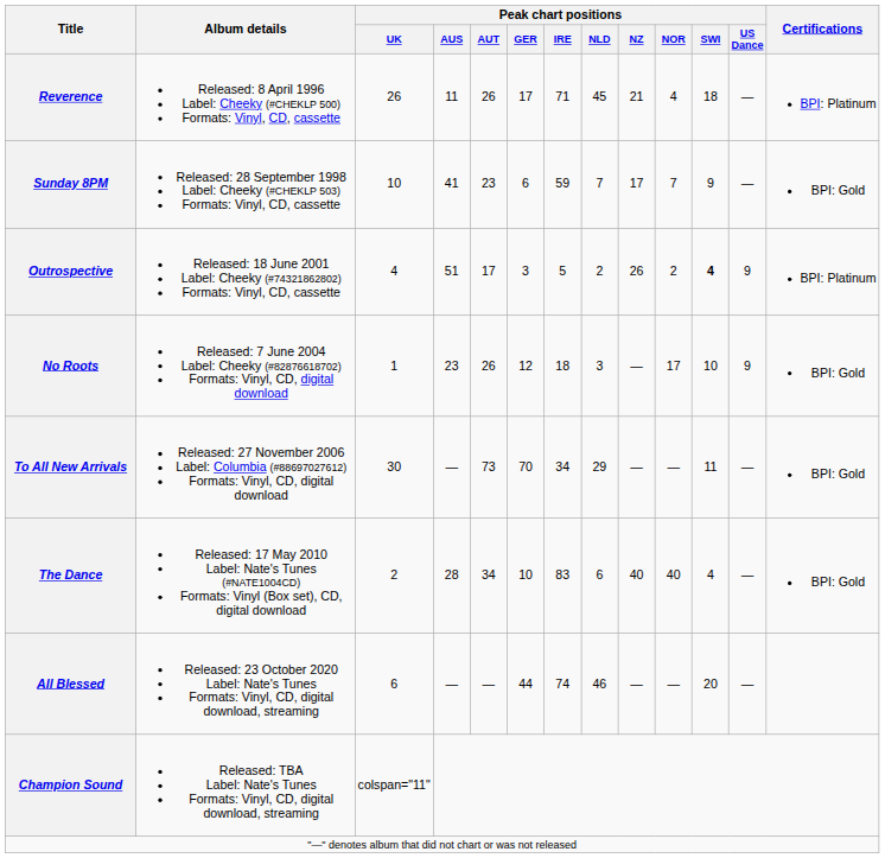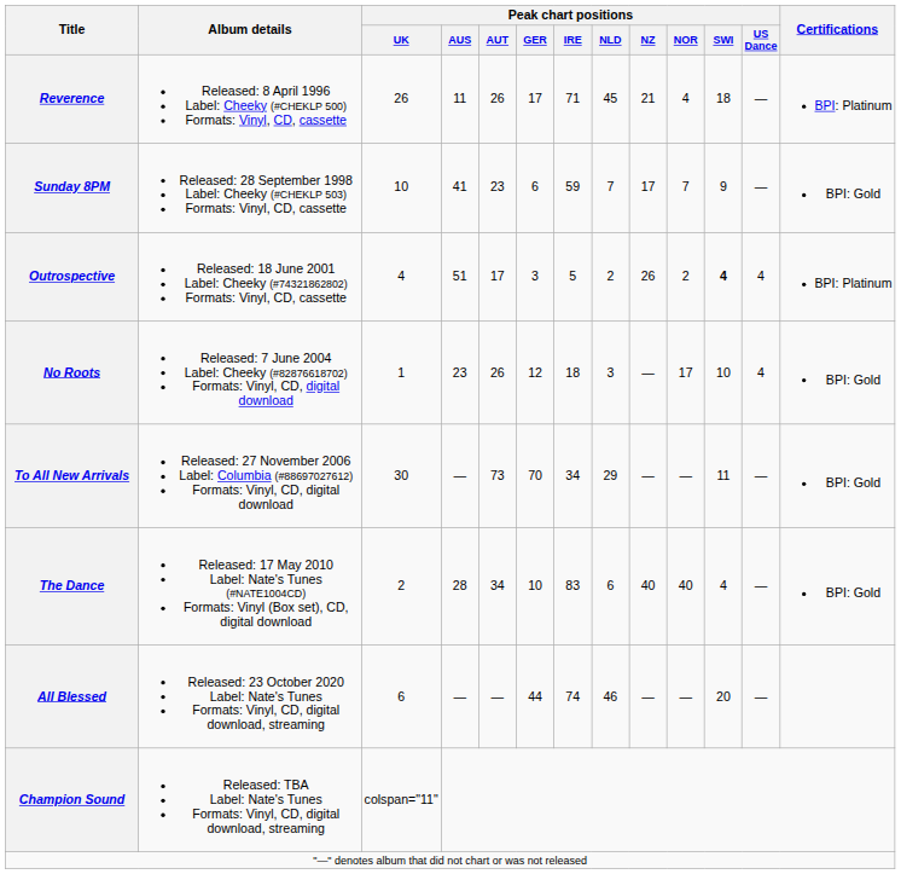 <table class="wikitable plainrowheaders" style="text-align:center;">
 <tr>
 <th scope="col" rowspan="2" style="width:10em;">Title</th>
 <th scope="col" rowspan="2" style="width:17em;">Album details</th>
 <th scope="col" colspan="10">Peak chart positions</th>
 <th scope="col" rowspan="2"><a href='#'>Certifications</a></th>
 </tr>
 <tr>
 <th scope="col" style="width:3em;font-size:85%;"><a href='#'>UK</a><br></th>
 <th scope="col" style="width:3em;font-size:85%;"><a href='#'>AUS</a><br></th>
 <th scope="col" style="width:3em;font-size:85%;"><a href='#'>AUT</a><br></th>
 <th scope="col" style="width:3em;font-size:85%;"><a href='#'>GER</a><br></th>
 <th scope="col" style="width:3em;font-size:85%;"><a href='#'>IRE</a><br></th>
 <th scope="col" style="width:3em;font-size:85%;"><a href='#'>NLD</a><br></th>
 <th scope="col" style="width:3em;font-size:85%;"><a href='#'>NZ</a><br></th>
 <th scope="col" style="width:3em;font-size:85%;"><a href='#'>NOR</a><br></th>
 <th scope="col" style="width:3em;font-size:85%;"><a href='#'>SWI</a><br></th>
 <th scope="col" style="width:3em;font-size:85%;"><a href='#'>US Dance</a><br></th>
 </tr>
 <tr>
 <th scope="row"><em><a href='#'>Reverence</a></em></th>
 <td><br><ul><li>Released: 8 April 1996</li><li>Label: <a href='#'>Cheeky</a> <small>(#CHEKLP 500)</small></li><li>Formats: <a href='#'>Vinyl</a>, <a href='#'>CD</a>, <a href='#'>cassette</a></li></ul></td>
 <td>26</td>
 <td>11</td>
 <td>26</td>
 <td>17</td>
 <td>71</td>
 <td>45</td>
 <td>21</td>
 <td>4</td>
 <td>18</td>
 <td>—</td>
 <td><br><ul><li><a href='#'>BPI</a>: Platinum</li></ul></td>
 </tr>
 <tr>
 <th scope="row"><em><a href='#'>Sunday 8PM</a></em></th>
 <td><br><ul><li>Released: 28 September 1998</li><li>Label: Cheeky <small>(#CHEKLP 503)</small></li><li>Formats: Vinyl, CD, cassette</li></ul></td>
 <td>10</td>
 <td>41</td>
 <td>23</td>
 <td>6</td>
 <td>59</td>
 <td>7</td>
 <td>17</td>
 <td>7</td>
 <td>9</td>
 <td>—</td>
 <td><br><ul><li>BPI: Gold</li></ul></td>
 </tr>
 <tr>
 <th scope="row"><em><a href='#'>Outrospective</a></em></th>
 <td><br><ul><li>Released: 18 June 2001</li><li>Label: Cheeky <small>(#74321862802)</small></li><li>Formats: Vinyl, CD, cassette</li></ul></td>
 <td>4</td>
 <td>51</td>
 <td>17</td>
 <td>3</td>
 <td>5</td>
 <td>2</td>
 <td>26</td>
 <td>2</td>
 <td><strong>4</strong></td>
-<td>9</td>
+<td>4</td>
 <td><br><ul><li>BPI: Platinum</li></ul></td>
 </tr>
 <tr>
 <th scope="row"><em><a href='#'>No Roots</a></em></th>
 <td><br><ul><li>Released: 7 June 2004</li><li>Label: Cheeky <small>(#82876618702)</small></li><li>Formats: Vinyl, CD, <a href='#'>digital download</a></li></ul></td>
 <td>1</td>
 <td>23</td>
 <td>26</td>
 <td>12</td>
 <td>18</td>
 <td>3</td>
 <td>—</td>
 <td>17</td>
 <td>10</td>
-<td>9</td>
+<td>4</td>
 <td><br><ul><li>BPI: Gold</li></ul></td>
 </tr>
 <tr>
 <th scope="row"><em><a href='#'>To All New Arrivals</a></em></th>
 <td><br><ul><li>Released: 27 November 2006</li><li>Label: <a href='#'>Columbia</a> <small>(#88697027612)</small></li><li>Formats: Vinyl, CD, digital download</li></ul></td>
 <td>30</td>
 <td>—</td>
 <td>73</td>
 <td>70</td>
 <td>34</td>
 <td>29</td>
 <td>—</td>
 <td>—</td>
 <td>11</td>
 <td>—</td>
 <td><br><ul><li>BPI: Gold</li></ul></td>
 </tr>
 <tr>
 <th scope="row"><em><a href='#'>The Dance</a></em></th>
 <td><br><ul><li>Released: 17 May 2010</li><li>Label: Nate's Tunes <small>(#NATE1004CD)</small></li><li>Formats: Vinyl (Box set), CD, digital download</li></ul></td>
 <td>2</td>
 <td>28</td>
 <td>34</td>
 <td>10</td>
 <td>83</td>
 <td>6</td>
 <td>40</td>
 <td>40</td>
 <td>4</td>
 <td>—</td>
 <td><br><ul><li>BPI: Gold</li></ul></td>
 </tr>
 <tr>
 <th scope="row"><em><a href='#'>All Blessed</a></em></th>
 <td><br><ul><li>Released: 23 October 2020</li><li>Label: Nate's Tunes</li><li>Formats: Vinyl, CD, digital download, streaming</li></ul></td>
 <td>6</td>
 <td>—</td>
 <td>—</td>
 <td>44</td>
 <td>74</td>
 <td>46</td>
 <td>—</td>
 <td>—</td>
 <td>20</td>
 <td>—</td>
 <td></td>
 </tr>
 <tr>
 <th scope="row"><em><a href='#'>Champion Sound</a></em></th>
 <td><br><ul><li>Released: TBA</li><li>Label: Nate's Tunes</li><li>Formats: Vinyl, CD, digital download, streaming</li></ul></td>
 <td>colspan="11" </td>
 </tr>
 <tr>
 <td colspan="14" style="font-size:85%">"—" denotes album that did not chart or was not released</td>
 </tr>
 </table>
